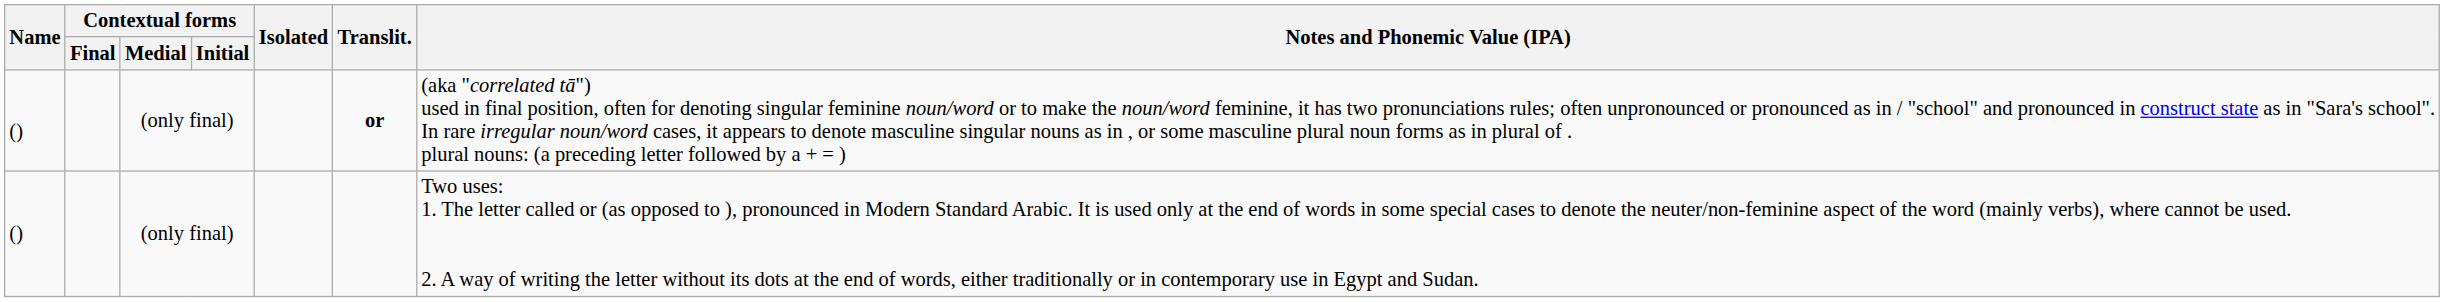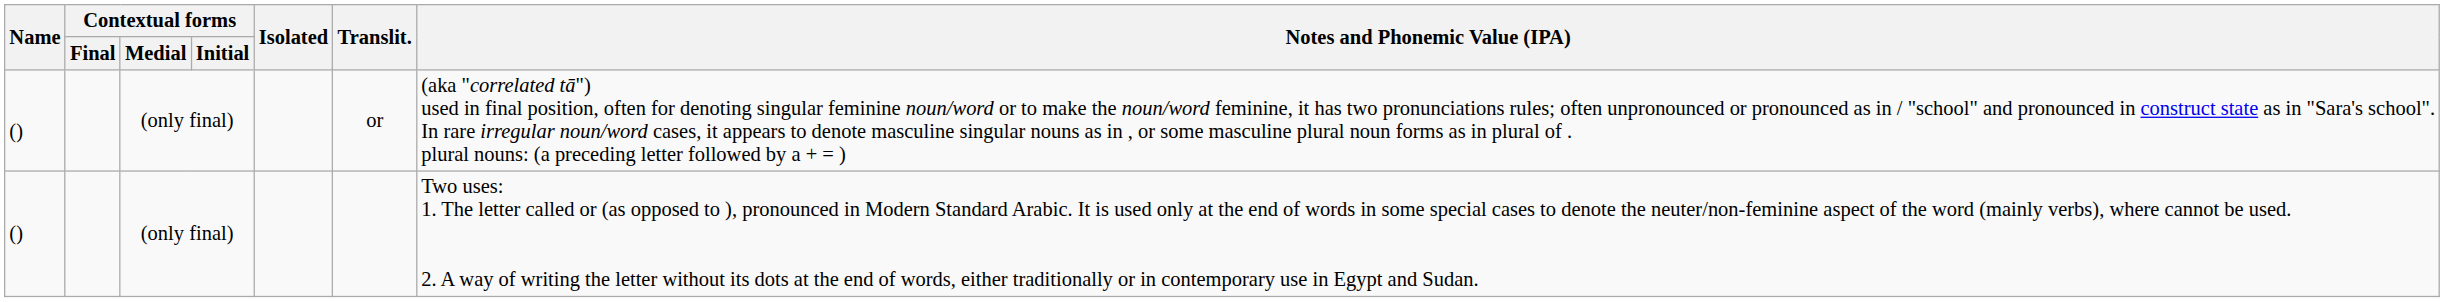 <table class="wikitable">
 <tr>
 <th rowspan="2">Name</th>
 <th colspan="3">Contextual forms</th>
 <th rowspan="2">Isolated</th>
 <th rowspan="2">Translit.</th>
 <th rowspan="2">Notes and Phonemic Value (IPA)</th>
 </tr>
 <tr>
 <th>Final</th>
 <th>Medial</th>
 <th>Initial</th>
 </tr>
 <tr>
 <td><a href='#'></a><br>()</td>
 <td style="line-height:180%;padding:10px;"><span></span></td>
 <td colspan="2" style="text-align:center">(only final)</td>
 <td style="text-align:center"><span></span></td>
-<td style="text-align:center"><strong> or </strong></td>
+<td style="text-align:center"> or </td>
 <td>(aka "<em>correlated tā</em>")<br>used in final position, often for denoting singular feminine <em>noun/word</em> or to make the <em>noun/word</em> feminine, it has two pronunciations rules; often unpronounced or pronounced  as in    /   "school" and pronounced  in <a href='#'>construct state</a> as in   "Sara's school".<br>In rare <em>irregular noun/word</em> cases, it appears to denote masculine singular nouns as in  , or some masculine plural noun forms as in   plural of  .<br>plural nouns:  (a preceding letter followed by a  +  = )</td>
 </tr>
 <tr>
 <td> ()</td>
 <td style="line-height:180%;padding:10px;"><span></span></td>
 <td colspan="2" style="text-align:center">(only final)</td>
 <td style="text-align:center"><span></span></td>
 <td style="text-align:center"></td>
 <td>Two uses:<br>1. The letter called   or   (as opposed to   ), pronounced  in Modern Standard Arabic. It is used only at the end of words in some special cases to denote the neuter/non-feminine aspect of the word (mainly verbs), where <a href='#'></a> cannot be used.<br><br><br>2. A way of writing the letter   without its dots at the end of words, either traditionally or in contemporary use in Egypt and Sudan.</td>
 </tr>
 </table>
